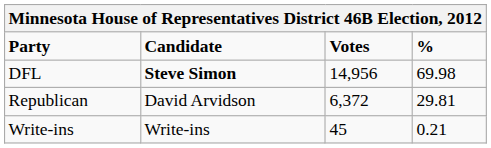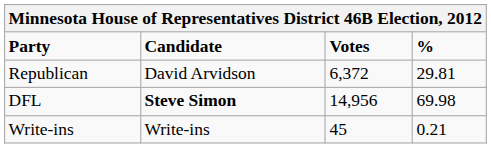 <table class="wikitable">
 <tr>
 <th colspan="4">Minnesota House of Representatives District 46B Election, 2012</th>
 </tr>
 <tr>
 <td><strong>Party</strong></td>
 <td><strong>Candidate</strong></td>
 <td><strong>Votes</strong></td>
 <td><strong>%</strong></td>
 </tr>
 <tr>
+<td>Republican</td>
+<td>David Arvidson</td>
+<td>6,372</td>
+<td>29.81</td>
+</tr>
+<tr>
 <td>DFL</td>
 <td><strong>Steve Simon</strong></td>
 <td>14,956</td>
 <td>69.98</td>
-</tr>
-<tr>
-<td>Republican</td>
-<td>David Arvidson</td>
-<td>6,372</td>
-<td>29.81</td>
 </tr>
 <tr>
 <td>Write-ins</td>
 <td>Write-ins</td>
 <td>45</td>
 <td>0.21</td>
 </tr>
 </table>
